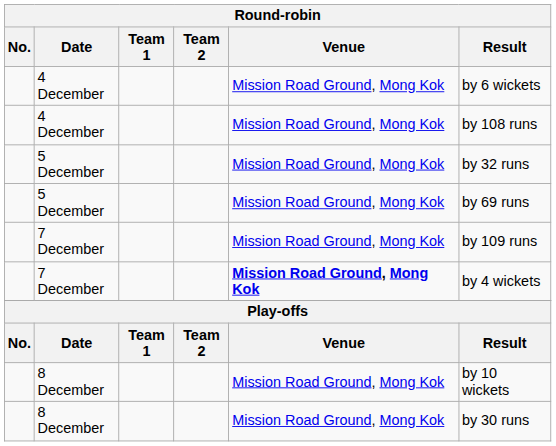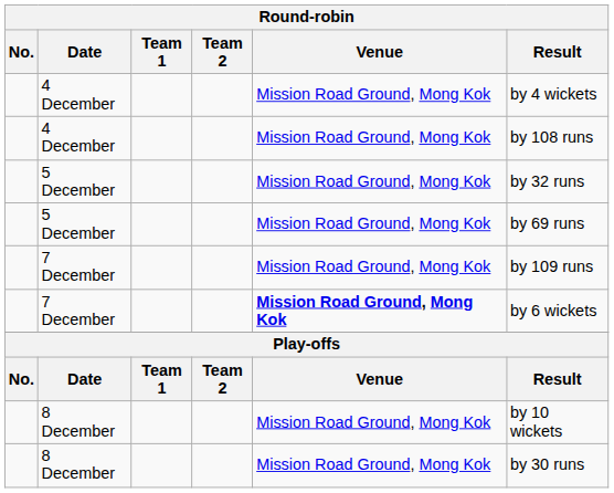 <table class="wikitable">
 <tr>
 <th colspan="6">Round-robin</th>
 </tr>
 <tr>
 <th>No.</th>
 <th>Date</th>
 <th>Team 1</th>
 <th>Team 2</th>
 <th>Venue</th>
 <th>Result</th>
 </tr>
 <tr>
 <td></td>
 <td>4 December</td>
 <td></td>
 <td></td>
 <td><a href='#'>Mission Road Ground</a>, <a href='#'>Mong Kok</a></td>
-<td> by 6 wickets</td>
+<td> by 4 wickets</td>
 </tr>
 <tr>
 <td></td>
 <td>4 December</td>
 <td></td>
 <td></td>
 <td><a href='#'>Mission Road Ground</a>, <a href='#'>Mong Kok</a></td>
 <td> by 108 runs</td>
 </tr>
 <tr>
 <td></td>
 <td>5 December</td>
 <td></td>
 <td></td>
 <td><a href='#'>Mission Road Ground</a>, <a href='#'>Mong Kok</a></td>
 <td> by 32 runs</td>
 </tr>
 <tr>
 <td></td>
 <td>5 December</td>
 <td></td>
 <td></td>
 <td><a href='#'>Mission Road Ground</a>, <a href='#'>Mong Kok</a></td>
 <td> by 69 runs</td>
 </tr>
 <tr>
 <td></td>
 <td>7 December</td>
 <td></td>
 <td></td>
 <td><a href='#'>Mission Road Ground</a>, <a href='#'>Mong Kok</a></td>
 <td> by 109 runs</td>
 </tr>
 <tr>
 <td></td>
 <td>7 December</td>
 <td></td>
 <td></td>
 <td><strong><a href='#'>Mission Road Ground</a>, <a href='#'>Mong Kok</a></strong></td>
-<td> by 4 wickets</td>
+<td> by 6 wickets</td>
 </tr>
 <tr>
 </tr>
 <tr>
 <th colspan="6">Play-offs</th>
 </tr>
 <tr>
 <th>No.</th>
 <th>Date</th>
 <th>Team 1</th>
 <th>Team 2</th>
 <th>Venue</th>
 <th>Result</th>
 </tr>
 <tr>
 <td></td>
 <td>8 December</td>
 <td></td>
 <td></td>
 <td><a href='#'>Mission Road Ground</a>, <a href='#'>Mong Kok</a></td>
 <td> by 10 wickets</td>
 </tr>
 <tr>
 <td></td>
 <td>8 December</td>
 <td></td>
 <td></td>
 <td><a href='#'>Mission Road Ground</a>, <a href='#'>Mong Kok</a></td>
 <td> by 30 runs</td>
 </tr>
 </table>
